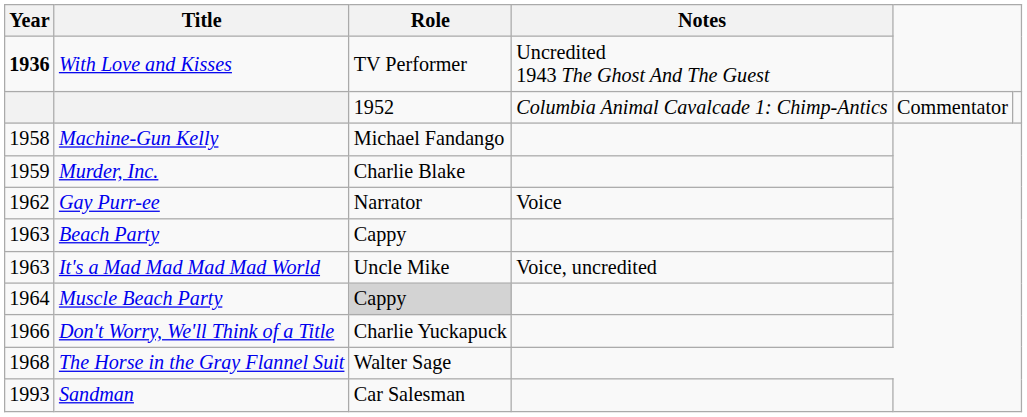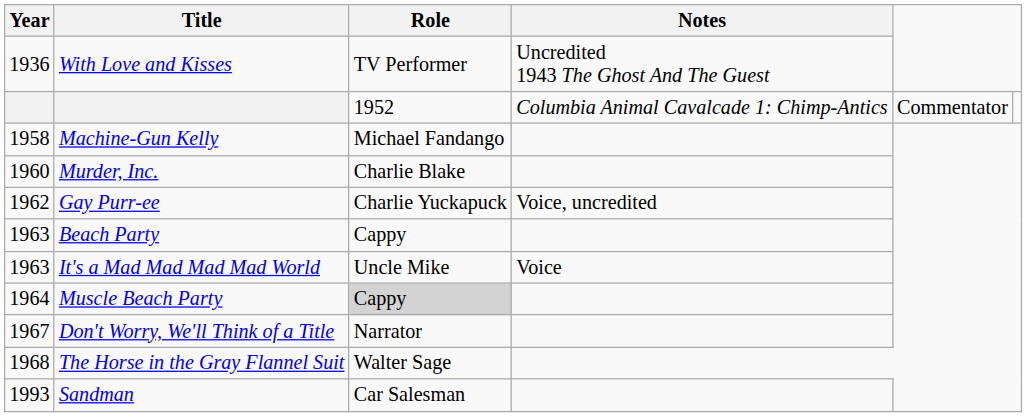 <table class="wikitable sortable">
 <tr>
 <th>Year</th>
 <th>Title</th>
 <th>Role</th>
 <th class="unsortable">Notes</th>
 </tr>
 <tr>
-<td><strong>1936</strong></td>
+<td>1936</td>
 <td><em><a href='#'>With Love and Kisses</a></em></td>
 <td>TV Performer</td>
 <td>Uncredited<br>1943 <em>The Ghost And The Guest</em></td>
 </tr>
 <tr He wrote the script>
 <th></th>
 <th></th>
 <td>1952</td>
 <td><em>Columbia Animal Cavalcade 1: Chimp-Antics</em></td>
 <td>Commentator</td>
 <td></td>
 </tr>
 <tr>
 <td>1958</td>
 <td><em><a href='#'>Machine-Gun Kelly</a></em></td>
 <td>Michael Fandango</td>
 <td></td>
 </tr>
 <tr>
-<td>1959</td>
+<td>1960</td>
 <td><em><a href='#'>Murder, Inc.</a></em></td>
 <td>Charlie Blake</td>
 <td></td>
 </tr>
 <tr>
 <td>1962</td>
 <td><em><a href='#'>Gay Purr-ee</a></em></td>
-<td>Narrator</td>
-<td>Voice</td>
+<td>Charlie Yuckapuck</td>
+<td>Voice, uncredited</td>
 </tr>
 <tr>
 <td>1963</td>
 <td><em><a href='#'>Beach Party</a></em></td>
 <td>Cappy</td>
 <td></td>
 </tr>
 <tr>
 <td>1963</td>
 <td><em><a href='#'>It's a Mad Mad Mad Mad World</a></em></td>
 <td>Uncle Mike</td>
-<td>Voice, uncredited</td>
+<td>Voice</td>
 </tr>
 <tr>
 <td>1964</td>
 <td><em><a href='#'>Muscle Beach Party</a></em></td>
 <td style="background: lightgrey;">Cappy</td>
 <td></td>
 </tr>
 <tr>
-<td>1966</td>
+<td>1967</td>
 <td><em><a href='#'>Don't Worry, We'll Think of a Title</a></em></td>
-<td>Charlie Yuckapuck</td>
+<td>Narrator</td>
 <td></td>
 </tr>
 <tr>
 <td>1968</td>
 <td><em><a href='#'>The Horse in the Gray Flannel Suit</a></em></td>
 <td>Walter Sage</td>
 </tr>
 <tr>
 <td>1993</td>
 <td><em><a href='#'>Sandman</a></em></td>
 <td>Car Salesman</td>
 <td></td>
 </tr>
 </table>
